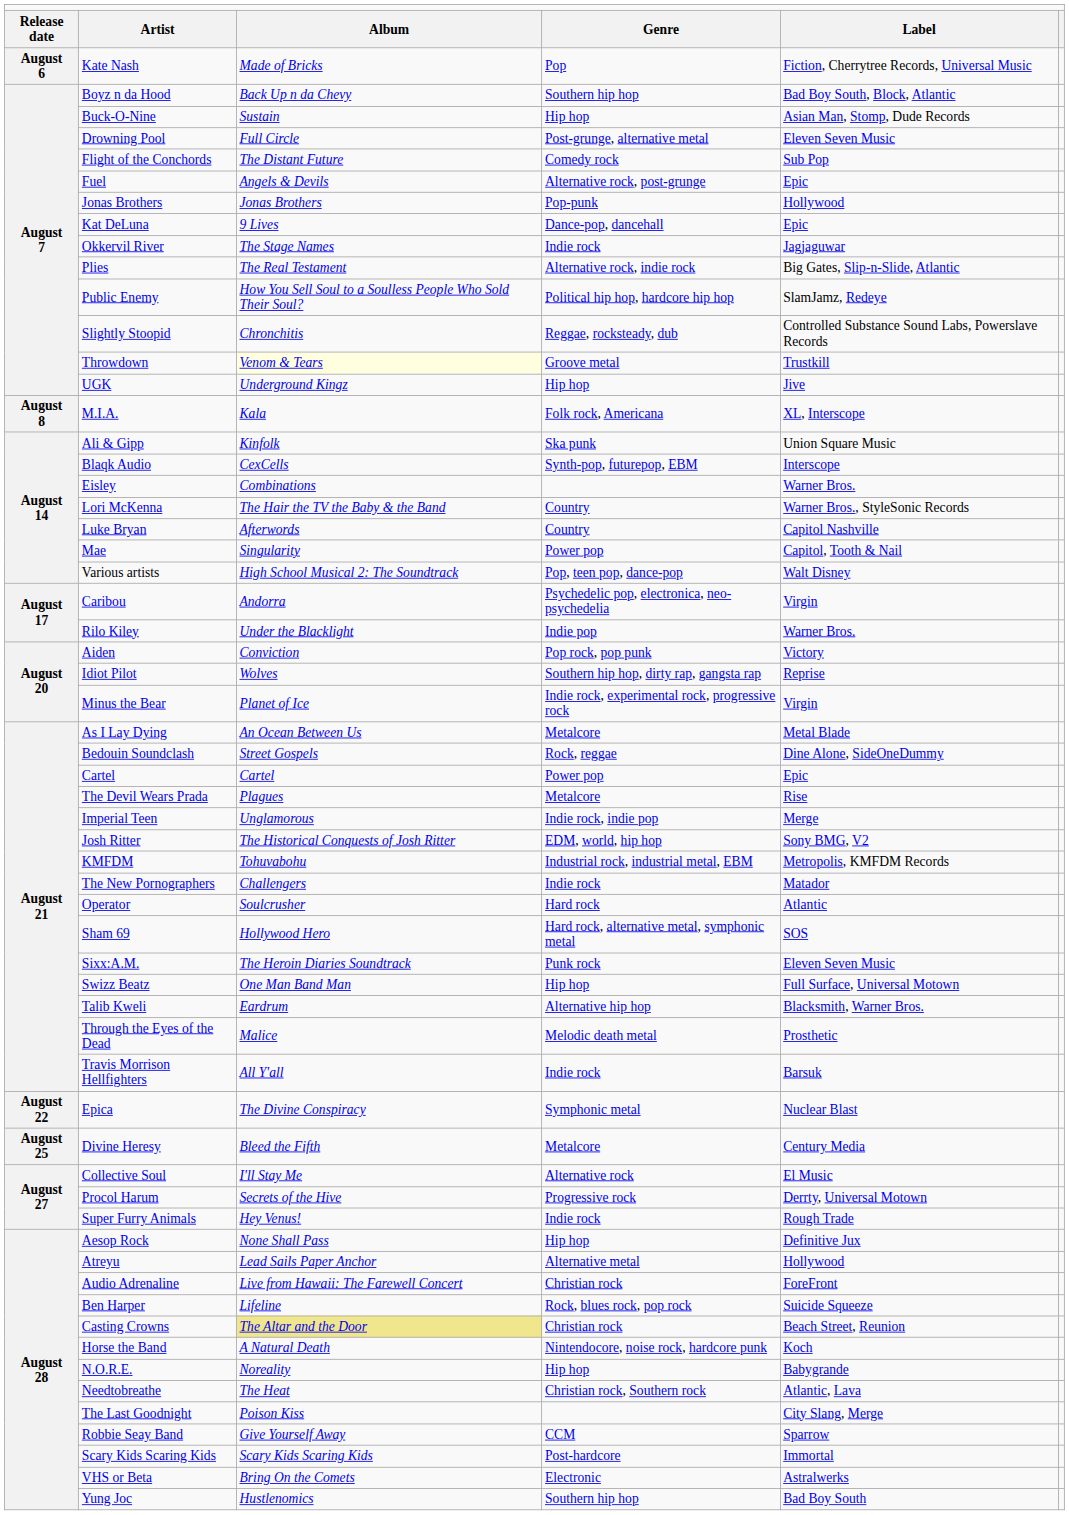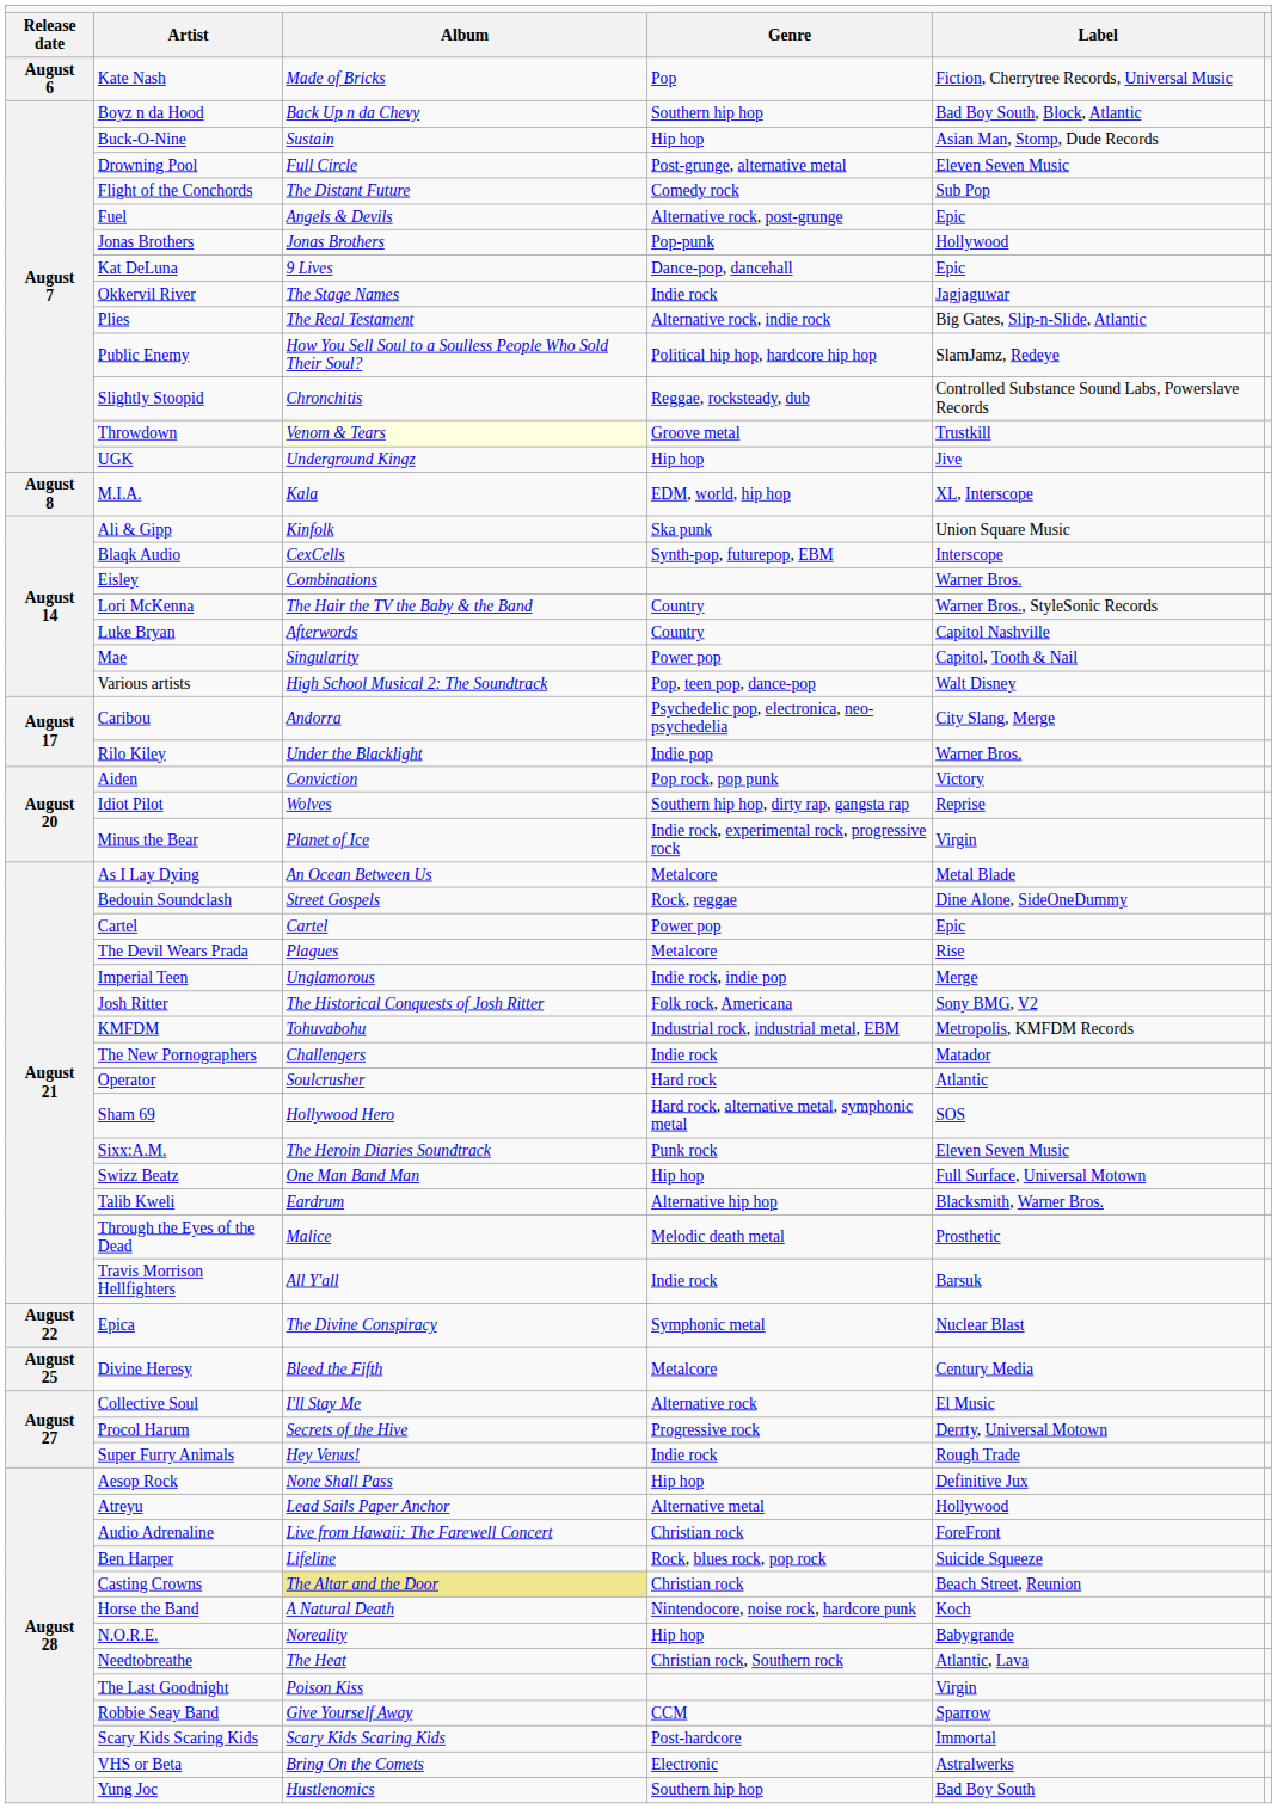 <table class="wikitable plainrowheaders">
 <tr>
 <td colspan="6" style="text-align:center;"></td>
 </tr>
 <tr>
 <th scope="col">Release date</th>
 <th scope="col">Artist</th>
 <th scope="col">Album</th>
 <th scope="col">Genre</th>
 <th scope="col">Label</th>
 <th scope="col"></th>
 </tr>
 <tr>
 <th scope="row" style="text-align:center;">August<br>6</th>
 <td><a href='#'>Kate Nash</a></td>
 <td><em><a href='#'>Made of Bricks</a></em></td>
 <td><a href='#'>Pop</a></td>
 <td><a href='#'>Fiction</a>, Cherrytree Records, <a href='#'>Universal Music</a></td>
 <td></td>
 </tr>
 <tr>
 <th scope="row" rowspan="13" style="text-align:center;">August<br>7</th>
 <td><a href='#'>Boyz n da Hood</a></td>
 <td><em><a href='#'>Back Up n da Chevy</a></em></td>
 <td><a href='#'>Southern hip hop</a></td>
 <td><a href='#'>Bad Boy South</a>, <a href='#'>Block</a>, <a href='#'>Atlantic</a></td>
 <td></td>
 </tr>
 <tr>
 <td><a href='#'>Buck-O-Nine</a></td>
 <td><em><a href='#'>Sustain</a></em></td>
 <td><a href='#'>Hip hop</a></td>
 <td><a href='#'>Asian Man</a>, <a href='#'>Stomp</a>, Dude Records</td>
 <td></td>
 </tr>
 <tr>
 <td><a href='#'>Drowning Pool</a></td>
 <td><em><a href='#'>Full Circle</a></em></td>
 <td><a href='#'>Post-grunge</a>, <a href='#'>alternative metal</a></td>
 <td><a href='#'>Eleven Seven Music</a></td>
 <td></td>
 </tr>
 <tr>
 <td><a href='#'>Flight of the Conchords</a></td>
 <td><em><a href='#'>The Distant Future</a></em></td>
 <td><a href='#'>Comedy rock</a></td>
 <td><a href='#'>Sub Pop</a></td>
 <td></td>
 </tr>
 <tr>
 <td><a href='#'>Fuel</a></td>
 <td><em><a href='#'>Angels & Devils</a></em></td>
 <td><a href='#'>Alternative rock</a>, <a href='#'>post-grunge</a></td>
 <td><a href='#'>Epic</a></td>
 <td></td>
 </tr>
 <tr>
 <td><a href='#'>Jonas Brothers</a></td>
 <td><em><a href='#'>Jonas Brothers</a></em></td>
 <td><a href='#'>Pop-punk</a></td>
 <td><a href='#'>Hollywood</a></td>
 <td></td>
 </tr>
 <tr>
 <td><a href='#'>Kat DeLuna</a></td>
 <td><em><a href='#'>9 Lives</a></em></td>
 <td><a href='#'>Dance-pop</a>, <a href='#'>dancehall</a></td>
 <td><a href='#'>Epic</a></td>
 <td></td>
 </tr>
 <tr>
 <td><a href='#'>Okkervil River</a></td>
 <td><em><a href='#'>The Stage Names</a></em></td>
 <td><a href='#'>Indie rock</a></td>
 <td><a href='#'>Jagjaguwar</a></td>
 <td></td>
 </tr>
 <tr>
 <td><a href='#'>Plies</a></td>
 <td><em><a href='#'>The Real Testament</a></em></td>
 <td><a href='#'>Alternative rock</a>, <a href='#'>indie rock</a></td>
 <td>Big Gates, <a href='#'>Slip-n-Slide</a>, <a href='#'>Atlantic</a></td>
 <td></td>
 </tr>
 <tr>
 <td><a href='#'>Public Enemy</a></td>
 <td><em><a href='#'>How You Sell Soul to a Soulless People Who Sold Their Soul?</a></em></td>
 <td><a href='#'>Political hip hop</a>, <a href='#'>hardcore hip hop</a></td>
 <td>SlamJamz, <a href='#'>Redeye</a></td>
 <td></td>
 </tr>
 <tr>
 <td><a href='#'>Slightly Stoopid</a></td>
 <td><em><a href='#'>Chronchitis</a></em></td>
 <td><a href='#'>Reggae</a>, <a href='#'>rocksteady</a>, <a href='#'>dub</a></td>
 <td>Controlled Substance Sound Labs, Powerslave Records</td>
 <td></td>
 </tr>
 <tr>
 <td><a href='#'>Throwdown</a></td>
 <td style="background: lightyellow;"><em><a href='#'>Venom & Tears</a></em></td>
 <td><a href='#'>Groove metal</a></td>
 <td><a href='#'>Trustkill</a></td>
 <td></td>
 </tr>
 <tr>
 <td><a href='#'>UGK</a></td>
 <td><em><a href='#'>Underground Kingz</a></em></td>
 <td><a href='#'>Hip hop</a></td>
 <td><a href='#'>Jive</a></td>
 <td></td>
 </tr>
 <tr>
 <th scope="row" style="text-align:center;">August<br>8</th>
 <td><a href='#'>M.I.A.</a></td>
 <td><em><a href='#'>Kala</a></em></td>
-<td><a href='#'>Folk rock</a>, <a href='#'>Americana</a></td>
+<td><a href='#'>EDM</a>, <a href='#'>world</a>, <a href='#'>hip hop</a></td>
 <td><a href='#'>XL</a>, <a href='#'>Interscope</a></td>
 <td></td>
 </tr>
 <tr>
 <th scope="row" rowspan="7" style="text-align:center;">August<br>14</th>
 <td><a href='#'>Ali & Gipp</a></td>
 <td><em><a href='#'>Kinfolk</a></em></td>
 <td><a href='#'>Ska punk</a></td>
 <td>Union Square Music</td>
 <td></td>
 </tr>
 <tr>
 <td><a href='#'>Blaqk Audio</a></td>
 <td><em><a href='#'>CexCells</a></em></td>
 <td><a href='#'>Synth-pop</a>, <a href='#'>futurepop</a>, <a href='#'>EBM</a></td>
 <td><a href='#'>Interscope</a></td>
 <td></td>
 </tr>
 <tr>
 <td><a href='#'>Eisley</a></td>
 <td><em><a href='#'>Combinations</a></em></td>
 <td></td>
 <td><a href='#'>Warner Bros.</a></td>
 <td></td>
 </tr>
 <tr>
 <td><a href='#'>Lori McKenna</a></td>
 <td><em><a href='#'>The Hair the TV the Baby & the Band</a></em></td>
 <td><a href='#'>Country</a></td>
 <td><a href='#'>Warner Bros.</a>, StyleSonic Records</td>
 <td></td>
 </tr>
 <tr>
 <td><a href='#'>Luke Bryan</a></td>
 <td><em><a href='#'>Afterwords</a></em></td>
 <td><a href='#'>Country</a></td>
 <td><a href='#'>Capitol Nashville</a></td>
 <td></td>
 </tr>
 <tr>
 <td><a href='#'>Mae</a></td>
 <td><em><a href='#'>Singularity</a></em></td>
 <td><a href='#'>Power pop</a></td>
 <td><a href='#'>Capitol</a>, <a href='#'>Tooth & Nail</a></td>
 <td></td>
 </tr>
 <tr>
 <td>Various artists</td>
 <td><em><a href='#'>High School Musical 2: The Soundtrack</a></em></td>
 <td><a href='#'>Pop</a>, <a href='#'>teen pop</a>, <a href='#'>dance-pop</a></td>
 <td><a href='#'>Walt Disney</a></td>
 <td></td>
 </tr>
 <tr>
 <th scope="row" rowspan="2" style="text-align:center;">August<br>17</th>
 <td><a href='#'>Caribou</a></td>
 <td><em><a href='#'>Andorra</a></em></td>
 <td><a href='#'>Psychedelic pop</a>, <a href='#'>electronica</a>, <a href='#'>neo-psychedelia</a></td>
-<td><a href='#'>Virgin</a></td>
+<td><a href='#'>City Slang</a>, <a href='#'>Merge</a></td>
 <td></td>
 </tr>
 <tr>
 <td><a href='#'>Rilo Kiley</a></td>
 <td><em><a href='#'>Under the Blacklight</a></em></td>
 <td><a href='#'>Indie pop</a></td>
 <td><a href='#'>Warner Bros.</a></td>
 <td></td>
 </tr>
 <tr>
 <th scope="row" rowspan="3" style="text-align:center;">August<br>20</th>
 <td><a href='#'>Aiden</a></td>
 <td><em><a href='#'>Conviction</a></em></td>
 <td><a href='#'>Pop rock</a>, <a href='#'>pop punk</a></td>
 <td><a href='#'>Victory</a></td>
 <td></td>
 </tr>
 <tr>
 <td><a href='#'>Idiot Pilot</a></td>
 <td><em><a href='#'>Wolves</a></em></td>
 <td><a href='#'>Southern hip hop</a>, <a href='#'>dirty rap</a>, <a href='#'>gangsta rap</a></td>
 <td><a href='#'>Reprise</a></td>
 <td></td>
 </tr>
 <tr>
 <td><a href='#'>Minus the Bear</a></td>
 <td><em><a href='#'>Planet of Ice</a></em></td>
 <td><a href='#'>Indie rock</a>, <a href='#'>experimental rock</a>, <a href='#'>progressive rock</a></td>
 <td><a href='#'>Virgin</a></td>
 <td></td>
 </tr>
 <tr>
 <th scope="row" rowspan="15" style="text-align:center;">August<br>21</th>
 <td><a href='#'>As I Lay Dying</a></td>
 <td><em><a href='#'>An Ocean Between Us</a></em></td>
 <td><a href='#'>Metalcore</a></td>
 <td><a href='#'>Metal Blade</a></td>
 <td></td>
 </tr>
 <tr>
 <td><a href='#'>Bedouin Soundclash</a></td>
 <td><em><a href='#'>Street Gospels</a></em></td>
 <td><a href='#'>Rock</a>, <a href='#'>reggae</a></td>
 <td><a href='#'>Dine Alone</a>, <a href='#'>SideOneDummy</a></td>
 <td></td>
 </tr>
 <tr>
 <td><a href='#'>Cartel</a></td>
 <td><em><a href='#'>Cartel</a></em></td>
 <td><a href='#'>Power pop</a></td>
 <td><a href='#'>Epic</a></td>
 <td></td>
 </tr>
 <tr>
 <td><a href='#'>The Devil Wears Prada</a></td>
 <td><em><a href='#'>Plagues</a></em></td>
 <td><a href='#'>Metalcore</a></td>
 <td><a href='#'>Rise</a></td>
 <td></td>
 </tr>
 <tr>
 <td><a href='#'>Imperial Teen</a></td>
 <td><em><a href='#'>Unglamorous</a></em></td>
 <td><a href='#'>Indie rock</a>, <a href='#'>indie pop</a></td>
 <td><a href='#'>Merge</a></td>
 <td></td>
 </tr>
 <tr>
 <td><a href='#'>Josh Ritter</a></td>
 <td><em><a href='#'>The Historical Conquests of Josh Ritter</a></em></td>
-<td><a href='#'>EDM</a>, <a href='#'>world</a>, <a href='#'>hip hop</a></td>
+<td><a href='#'>Folk rock</a>, <a href='#'>Americana</a></td>
 <td><a href='#'>Sony BMG</a>, <a href='#'>V2</a></td>
 <td></td>
 </tr>
 <tr>
 <td><a href='#'>KMFDM</a></td>
 <td><em><a href='#'>Tohuvabohu</a></em></td>
 <td><a href='#'>Industrial rock</a>, <a href='#'>industrial metal</a>, <a href='#'>EBM</a></td>
 <td><a href='#'>Metropolis</a>, KMFDM Records</td>
 <td></td>
 </tr>
 <tr>
 <td><a href='#'>The New Pornographers</a></td>
 <td><em><a href='#'>Challengers</a></em></td>
 <td><a href='#'>Indie rock</a></td>
 <td><a href='#'>Matador</a></td>
 <td></td>
 </tr>
 <tr>
 <td><a href='#'>Operator</a></td>
 <td><em><a href='#'>Soulcrusher</a></em></td>
 <td><a href='#'>Hard rock</a></td>
 <td><a href='#'>Atlantic</a></td>
 <td></td>
 </tr>
 <tr>
 <td><a href='#'>Sham 69</a></td>
 <td><em><a href='#'>Hollywood Hero</a></em></td>
 <td><a href='#'>Hard rock</a>, <a href='#'>alternative metal</a>, <a href='#'>symphonic metal</a></td>
 <td><a href='#'>SOS</a></td>
 <td></td>
 </tr>
 <tr>
 <td><a href='#'>Sixx:A.M.</a></td>
 <td><em><a href='#'>The Heroin Diaries Soundtrack</a></em></td>
 <td><a href='#'>Punk rock</a></td>
 <td><a href='#'>Eleven Seven Music</a></td>
 <td></td>
 </tr>
 <tr>
 <td><a href='#'>Swizz Beatz</a></td>
 <td><em><a href='#'>One Man Band Man</a></em></td>
 <td><a href='#'>Hip hop</a></td>
 <td><a href='#'>Full Surface</a>, <a href='#'>Universal Motown</a></td>
 <td></td>
 </tr>
 <tr>
 <td><a href='#'>Talib Kweli</a></td>
 <td><em><a href='#'>Eardrum</a></em></td>
 <td><a href='#'>Alternative hip hop</a></td>
 <td><a href='#'>Blacksmith</a>, <a href='#'>Warner Bros.</a></td>
 <td></td>
 </tr>
 <tr>
 <td><a href='#'>Through the Eyes of the Dead</a></td>
 <td><em><a href='#'>Malice</a></em></td>
 <td><a href='#'>Melodic death metal</a></td>
 <td><a href='#'>Prosthetic</a></td>
 <td></td>
 </tr>
 <tr>
 <td><a href='#'>Travis Morrison Hellfighters</a></td>
 <td><em><a href='#'>All Y'all</a></em></td>
 <td><a href='#'>Indie rock</a></td>
 <td><a href='#'>Barsuk</a></td>
 <td></td>
 </tr>
 <tr>
 <th scope="row" style="text-align:center;">August<br>22</th>
 <td><a href='#'>Epica</a></td>
 <td><em><a href='#'>The Divine Conspiracy</a></em></td>
 <td><a href='#'>Symphonic metal</a></td>
 <td><a href='#'>Nuclear Blast</a></td>
 <td></td>
 </tr>
 <tr>
 <th scope="row" style="text-align:center;">August<br>25</th>
 <td><a href='#'>Divine Heresy</a></td>
 <td><em><a href='#'>Bleed the Fifth</a></em></td>
 <td><a href='#'>Metalcore</a></td>
 <td><a href='#'>Century Media</a></td>
 <td></td>
 </tr>
 <tr>
 <th scope="row" rowspan="3" style="text-align:center;">August<br>27</th>
 <td><a href='#'>Collective Soul</a></td>
 <td><em><a href='#'>I'll Stay Me</a></em></td>
 <td><a href='#'>Alternative rock</a></td>
 <td><a href='#'>El Music</a></td>
 <td></td>
 </tr>
 <tr>
 <td><a href='#'>Procol Harum</a></td>
 <td><em><a href='#'>Secrets of the Hive</a></em></td>
 <td><a href='#'>Progressive rock</a></td>
 <td><a href='#'>Derrty</a>, <a href='#'>Universal Motown</a></td>
 <td></td>
 </tr>
 <tr>
 <td><a href='#'>Super Furry Animals</a></td>
 <td><em><a href='#'>Hey Venus!</a></em></td>
 <td><a href='#'>Indie rock</a></td>
 <td><a href='#'>Rough Trade</a></td>
 <td></td>
 </tr>
 <tr>
 <th scope="row" rowspan="13" style="text-align:center;">August<br>28</th>
 <td><a href='#'>Aesop Rock</a></td>
 <td><em><a href='#'>None Shall Pass</a></em></td>
 <td><a href='#'>Hip hop</a></td>
 <td><a href='#'>Definitive Jux</a></td>
 <td></td>
 </tr>
 <tr>
 <td><a href='#'>Atreyu</a></td>
 <td><em><a href='#'>Lead Sails Paper Anchor</a></em></td>
 <td><a href='#'>Alternative metal</a></td>
 <td><a href='#'>Hollywood</a></td>
 <td></td>
 </tr>
 <tr>
 <td><a href='#'>Audio Adrenaline</a></td>
 <td><em><a href='#'>Live from Hawaii: The Farewell Concert</a></em></td>
 <td><a href='#'>Christian rock</a></td>
 <td><a href='#'>ForeFront</a></td>
 <td></td>
 </tr>
 <tr>
 <td><a href='#'>Ben Harper</a></td>
 <td><em><a href='#'>Lifeline</a></em></td>
 <td><a href='#'>Rock</a>, <a href='#'>blues rock</a>, <a href='#'>pop rock</a></td>
 <td><a href='#'>Suicide Squeeze</a></td>
 <td></td>
 </tr>
 <tr>
 <td><a href='#'>Casting Crowns</a></td>
 <td style="background: khaki;"><em><a href='#'>The Altar and the Door</a></em></td>
 <td><a href='#'>Christian rock</a></td>
 <td><a href='#'>Beach Street</a>, <a href='#'>Reunion</a></td>
 <td></td>
 </tr>
 <tr>
 <td><a href='#'>Horse the Band</a></td>
 <td><em><a href='#'>A Natural Death</a></em></td>
 <td><a href='#'>Nintendocore</a>, <a href='#'>noise rock</a>, <a href='#'>hardcore punk</a></td>
 <td><a href='#'>Koch</a></td>
 <td></td>
 </tr>
 <tr>
 <td><a href='#'>N.O.R.E.</a></td>
 <td><em><a href='#'>Noreality</a></em></td>
 <td><a href='#'>Hip hop</a></td>
 <td><a href='#'>Babygrande</a></td>
 <td></td>
 </tr>
 <tr>
 <td><a href='#'>Needtobreathe</a></td>
 <td><em><a href='#'>The Heat</a></em></td>
 <td><a href='#'>Christian rock</a>, <a href='#'>Southern rock</a></td>
 <td><a href='#'>Atlantic</a>, <a href='#'>Lava</a></td>
 <td></td>
 </tr>
 <tr>
 <td><a href='#'>The Last Goodnight</a></td>
 <td><em><a href='#'>Poison Kiss</a></em></td>
 <td></td>
-<td><a href='#'>City Slang</a>, <a href='#'>Merge</a></td>
+<td><a href='#'>Virgin</a></td>
 <td></td>
 </tr>
 <tr>
 <td><a href='#'>Robbie Seay Band</a></td>
 <td><em><a href='#'>Give Yourself Away</a></em></td>
 <td><a href='#'>CCM</a></td>
 <td><a href='#'>Sparrow</a></td>
 <td></td>
 </tr>
 <tr>
 <td><a href='#'>Scary Kids Scaring Kids</a></td>
 <td><em><a href='#'>Scary Kids Scaring Kids</a></em></td>
 <td><a href='#'>Post-hardcore</a></td>
 <td><a href='#'>Immortal</a></td>
 <td></td>
 </tr>
 <tr>
 <td><a href='#'>VHS or Beta</a></td>
 <td><em><a href='#'>Bring On the Comets</a></em></td>
 <td><a href='#'>Electronic</a></td>
 <td><a href='#'>Astralwerks</a></td>
 <td></td>
 </tr>
 <tr>
 <td><a href='#'>Yung Joc</a></td>
 <td><em><a href='#'>Hustlenomics</a></em></td>
 <td><a href='#'>Southern hip hop</a></td>
 <td><a href='#'>Bad Boy South</a></td>
 <td></td>
 </tr>
 </table>
